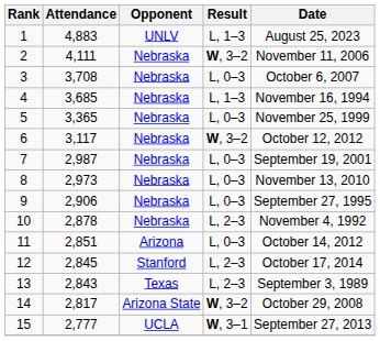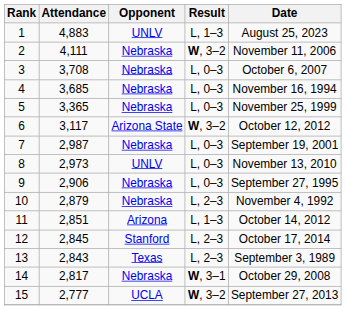 <table class="wikitable" border="1">
 <tr>
 <th>Rank</th>
 <th>Attendance</th>
 <th>Opponent</th>
 <th>Result</th>
 <th>Date</th>
 </tr>
 <tr style="text-align:center;">
 <td>1</td>
 <td>4,883</td>
 <td><a href='#'>UNLV</a></td>
 <td>L, 1–3</td>
 <td>August 25, 2023</td>
 </tr>
 <tr style="text-align:center;">
 <td>2</td>
 <td>4,111</td>
 <td><a href='#'>Nebraska</a></td>
 <td><strong>W</strong>, 3–2</td>
 <td>November 11, 2006</td>
 </tr>
 <tr style="text-align:center;">
 <td>3</td>
 <td>3,708</td>
 <td><a href='#'>Nebraska</a></td>
 <td>L, 0–3</td>
 <td>October 6, 2007</td>
 </tr>
 <tr style="text-align:center;">
 <td>4</td>
 <td>3,685</td>
 <td><a href='#'>Nebraska</a></td>
-<td>L, 1–3</td>
+<td>L, 0–3</td>
 <td>November 16, 1994</td>
 </tr>
 <tr style="text-align:center;">
 <td>5</td>
 <td>3,365</td>
 <td><a href='#'>Nebraska</a></td>
 <td>L, 0–3</td>
 <td>November 25, 1999</td>
 </tr>
 <tr style="text-align:center;">
 <td>6</td>
 <td>3,117</td>
-<td><a href='#'>Nebraska</a></td>
+<td><a href='#'>Arizona State</a></td>
 <td><strong>W</strong>, 3–2</td>
 <td>October 12, 2012</td>
 </tr>
 <tr style="text-align:center;">
 <td>7</td>
 <td>2,987</td>
 <td><a href='#'>Nebraska</a></td>
 <td>L, 0–3</td>
 <td>September 19, 2001</td>
 </tr>
 <tr style="text-align:center;">
 <td>8</td>
 <td>2,973</td>
-<td><a href='#'>Nebraska</a></td>
+<td><a href='#'>UNLV</a></td>
 <td>L, 0–3</td>
 <td>November 13, 2010</td>
 </tr>
 <tr style="text-align:center;">
 <td>9</td>
 <td>2,906</td>
 <td><a href='#'>Nebraska</a></td>
 <td>L, 0–3</td>
 <td>September 27, 1995</td>
 </tr>
 <tr style="text-align:center;">
 <td>10</td>
-<td>2,878</td>
+<td>2,879</td>
 <td><a href='#'>Nebraska</a></td>
 <td>L, 2–3</td>
 <td>November 4, 1992</td>
 </tr>
 <tr style="text-align:center;">
 <td>11</td>
 <td>2,851</td>
 <td><a href='#'>Arizona</a></td>
-<td>L, 0–3</td>
+<td>L, 1–3</td>
 <td>October 14, 2012</td>
 </tr>
 <tr style="text-align:center;">
 <td>12</td>
 <td>2,845</td>
 <td><a href='#'>Stanford</a></td>
 <td>L, 2–3</td>
 <td>October 17, 2014</td>
 </tr>
 <tr style="text-align:center;">
 <td>13</td>
 <td>2,843</td>
 <td><a href='#'>Texas</a></td>
 <td>L, 2–3</td>
 <td>September 3, 1989</td>
 </tr>
 <tr style="text-align:center;">
 <td>14</td>
 <td>2,817</td>
-<td><a href='#'>Arizona State</a></td>
-<td><strong>W</strong>, 3–2</td>
+<td><a href='#'>Nebraska</a></td>
+<td><strong>W</strong>, 3–1</td>
 <td>October 29, 2008</td>
 </tr>
 <tr style="text-align:center;">
 <td>15</td>
 <td>2,777</td>
 <td><a href='#'>UCLA</a></td>
-<td><strong>W</strong>, 3–1</td>
+<td><strong>W</strong>, 3–2</td>
 <td>September 27, 2013</td>
 </tr>
 <tr style="text-align:center;">
 </tr>
 </table>
